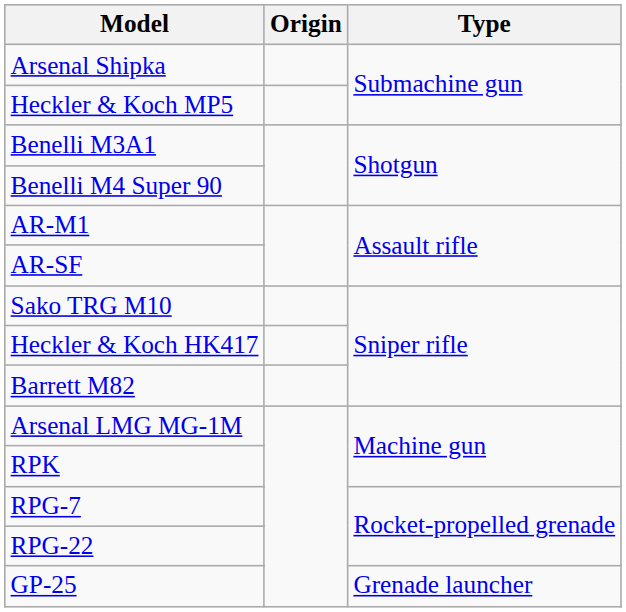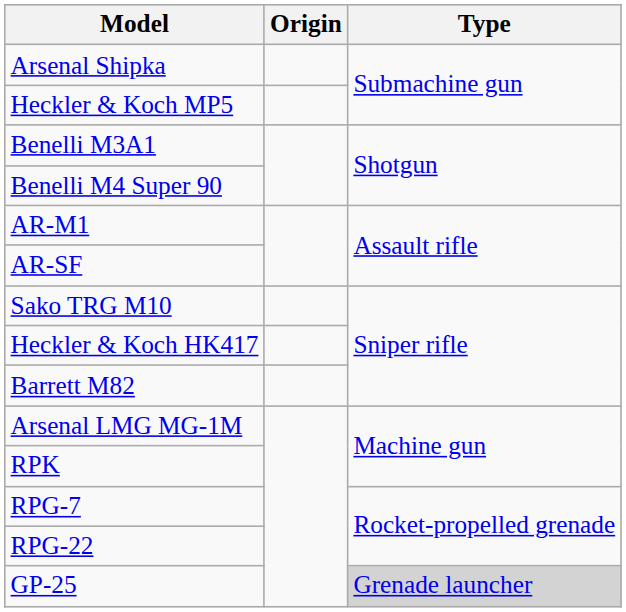 <table class="wikitable">
 <tr>
 <th>Model</th>
 <th>Origin</th>
 <th>Type</th>
 </tr>
 <tr>
 <td><a href='#'>Arsenal Shipka</a></td>
 <td></td>
 <td rowspan="2"><a href='#'>Submachine gun</a></td>
 </tr>
 <tr>
 <td><a href='#'>Heckler & Koch MP5</a></td>
 <td></td>
 </tr>
 <tr>
 <td><a href='#'>Benelli M3A1</a></td>
 <td rowspan="2"></td>
 <td rowspan="2"><a href='#'>Shotgun</a></td>
 </tr>
 <tr>
 <td><a href='#'>Benelli M4 Super 90</a></td>
 </tr>
 <tr>
 <td><a href='#'>AR-M1</a></td>
 <td rowspan="2"></td>
 <td rowspan="2"><a href='#'>Assault rifle</a></td>
 </tr>
 <tr>
 <td><a href='#'>AR-SF</a></td>
 </tr>
 <tr>
 <td><a href='#'>Sako TRG M10</a></td>
 <td></td>
 <td rowspan="3"><a href='#'>Sniper rifle</a></td>
 </tr>
 <tr>
 <td><a href='#'>Heckler & Koch HK417</a></td>
 <td></td>
 </tr>
 <tr>
 <td><a href='#'>Barrett M82</a></td>
 <td></td>
 </tr>
 <tr>
 <td><a href='#'>Arsenal LMG MG-1M</a></td>
 <td rowspan="5"></td>
 <td rowspan="2"><a href='#'>Machine gun</a></td>
 </tr>
 <tr>
 <td><a href='#'>RPK</a></td>
 </tr>
 <tr>
 <td><a href='#'>RPG-7</a></td>
 <td rowspan="2"><a href='#'>Rocket-propelled grenade</a></td>
 </tr>
 <tr>
 <td><a href='#'>RPG-22</a></td>
 </tr>
 <tr>
 <td><a href='#'>GP-25</a></td>
-<td><a href='#'>Grenade launcher</a></td>
+<td style="background: lightgrey;"><a href='#'>Grenade launcher</a></td>
 </tr>
 </table>
